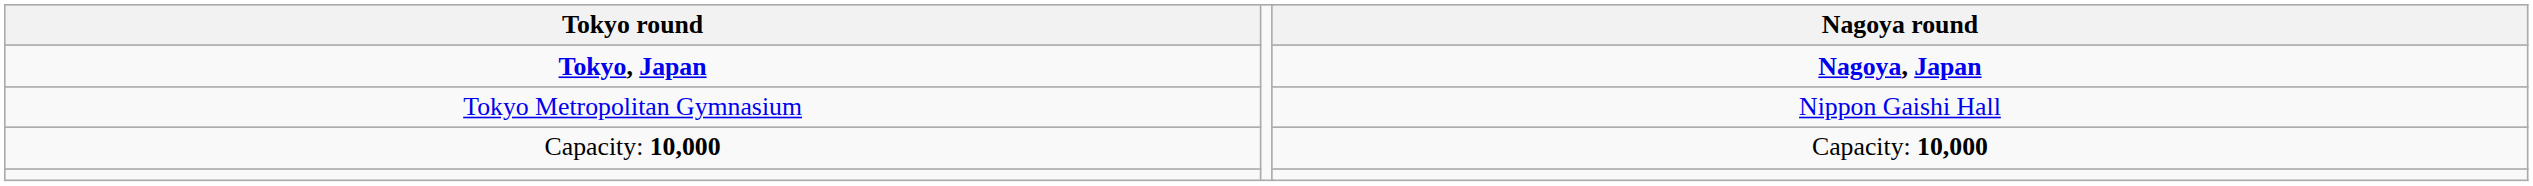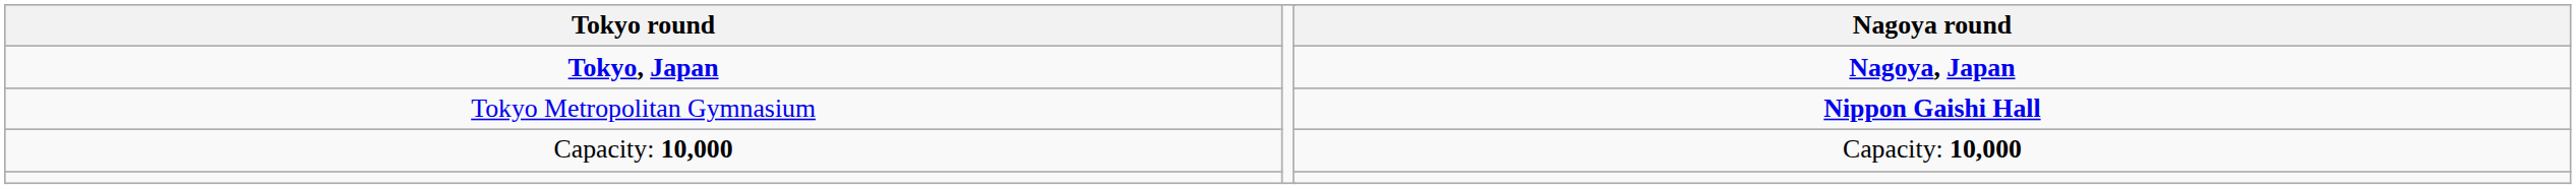 <table class=wikitable style=text-align:center>
 <tr>
 <th width=50%>Tokyo round</th>
 <td rowspan=5 colspan=2></td>
 <th width=50%>Nagoya round</th>
 </tr>
 <tr>
 <td> <strong><a href='#'>Tokyo</a>, <a href='#'>Japan</a></strong></td>
 <td> <strong><a href='#'>Nagoya</a>, <a href='#'>Japan</a></strong></td>
 </tr>
 <tr>
 <td><a href='#'>Tokyo Metropolitan Gymnasium</a></td>
-<td><a href='#'>Nippon Gaishi Hall</a></td>
+<td><strong><a href='#'>Nippon Gaishi Hall</a></strong></td>
 </tr>
 <tr>
 <td>Capacity: <strong>10,000</strong></td>
 <td>Capacity: <strong>10,000</strong></td>
 </tr>
 <tr>
 <td></td>
 <td></td>
 </tr>
 </table>
